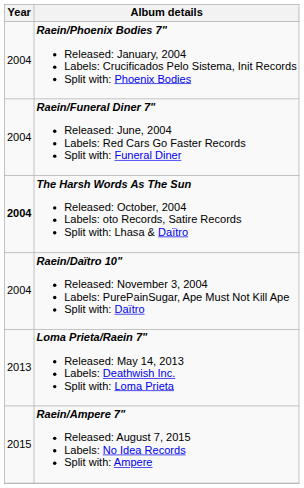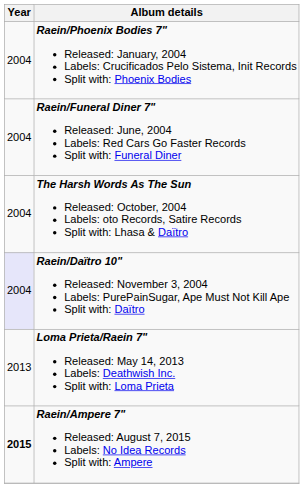 <table class ="wikitable">
 <tr>
 <th rowspan="1">Year</th>
 <th rowspan="1">Album details</th>
 </tr>
 <tr>
 <td>2004</td>
 <td><strong><em>Raein/Phoenix Bodies 7"</em></strong><br><ul><li>Released: January, 2004</li><li>Labels: Crucificados Pelo Sistema, Init Records</li><li>Split with: <a href='#'>Phoenix Bodies</a></li></ul></td>
 </tr>
 <tr>
 <td>2004</td>
 <td><strong><em>Raein/Funeral Diner 7"</em></strong><br><ul><li>Released: June, 2004</li><li>Labels: Red Cars Go Faster Records</li><li>Split with: <a href='#'>Funeral Diner</a></li></ul></td>
 </tr>
 <tr>
-<td><strong>2004</strong></td>
+<td>2004</td>
 <td><strong><em>The Harsh Words As The Sun</em></strong><br><ul><li>Released: October, 2004</li><li>Labels: oto Records, Satire Records</li><li>Split with: Lhasa & <a href='#'>Daïtro</a></li></ul></td>
 </tr>
 <tr>
-<td>2004</td>
+<td style="background: lavender;">2004</td>
 <td><strong><em>Raein/Daïtro 10"</em></strong><br><ul><li>Released: November 3, 2004</li><li>Labels: PurePainSugar, Ape Must Not Kill Ape</li><li>Split with: <a href='#'>Daïtro</a></li></ul></td>
 </tr>
 <tr>
 <td>2013</td>
 <td><strong><em>Loma Prieta/Raein 7"</em></strong><br><ul><li>Released: May 14, 2013</li><li>Labels: <a href='#'>Deathwish Inc.</a></li><li>Split with: <a href='#'>Loma Prieta</a></li></ul></td>
 </tr>
 <tr>
-<td>2015</td>
+<td><strong>2015</strong></td>
 <td><strong><em>Raein/Ampere 7"</em></strong><br><ul><li>Released: August 7, 2015</li><li>Labels: <a href='#'>No Idea Records</a></li><li>Split with: <a href='#'>Ampere</a></li></ul></td>
 </tr>
 <tr>
 </tr>
 </table>
